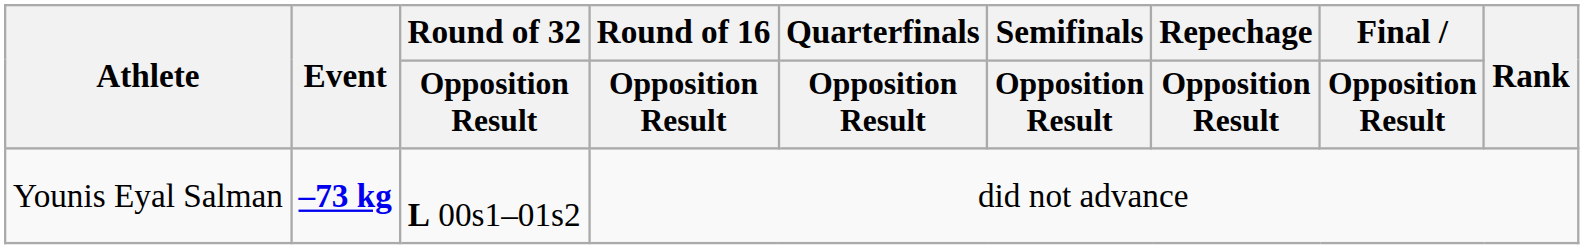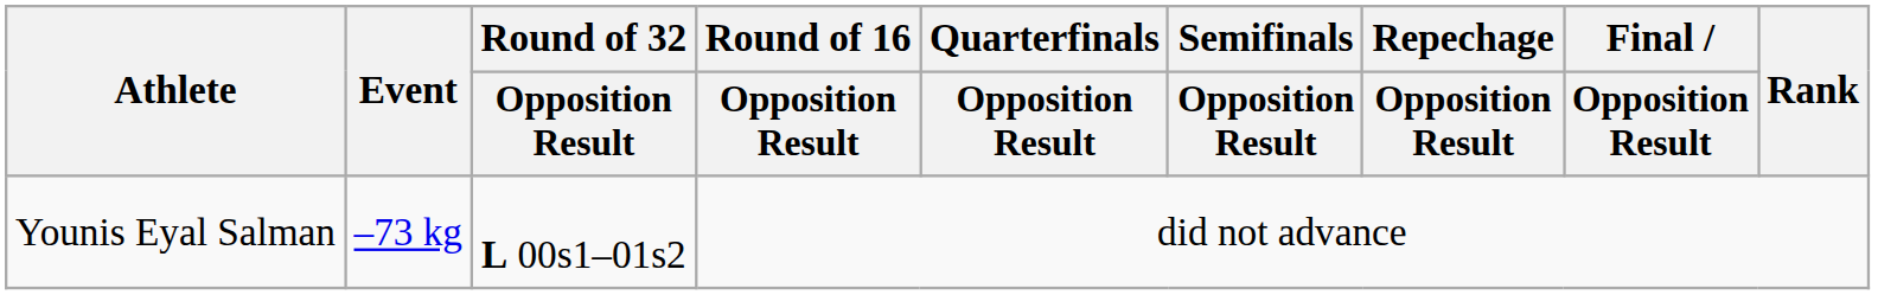 <table class=wikitable style=font-size:90%;text-align:center>
 <tr>
 <th rowspan="2">Athlete</th>
 <th rowspan="2">Event</th>
 <th>Round of 32</th>
 <th>Round of 16</th>
 <th>Quarterfinals</th>
 <th>Semifinals</th>
 <th>Repechage</th>
 <th>Final / </th>
 <th rowspan=2>Rank</th>
 </tr>
 <tr style="font-size:95%">
 <th>Opposition<br>Result</th>
 <th>Opposition<br>Result</th>
 <th>Opposition<br>Result</th>
 <th>Opposition<br>Result</th>
 <th>Opposition<br>Result</th>
 <th>Opposition<br>Result</th>
 </tr>
 <tr>
 <td align=left>Younis Eyal Salman</td>
-<td align=left><strong><a href='#'>–73 kg</a></strong></td>
+<td align=left><a href='#'>–73 kg</a></td>
 <td><br><strong>L</strong> 00s1–01s2</td>
 <td colspan=6>did not advance</td>
 </tr>
 </table>
